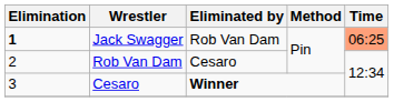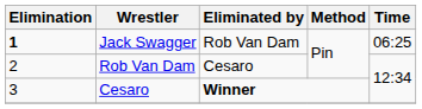 <table class="wikitable" border="1">
 <tr>
 <th>Elimination</th>
 <th>Wrestler</th>
 <th>Eliminated by</th>
 <th>Method</th>
 <th>Time</th>
 </tr>
 <tr>
 <td><strong>1</strong></td>
 <td><a href='#'>Jack Swagger</a></td>
 <td>Rob Van Dam</td>
 <td rowspan=2>Pin</td>
-<td style="background: lightsalmon;">06:25</td>
+<td>06:25</td>
 </tr>
 <tr>
 <td>2</td>
 <td><a href='#'>Rob Van Dam</a></td>
 <td>Cesaro</td>
 <td rowspan=2>12:34</td>
 </tr>
 <tr>
 <td>3</td>
 <td><a href='#'>Cesaro</a></td>
 <td colspan="2"><strong>Winner</strong></td>
 </tr>
 <tr>
 </tr>
 </table>
